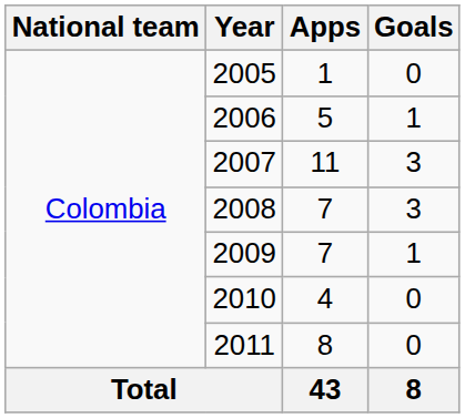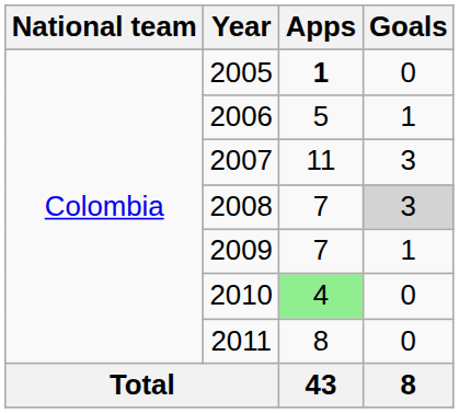 <table class="wikitable" style="text-align:center">
 <tr>
 <th>National team</th>
 <th>Year</th>
 <th>Apps</th>
 <th>Goals</th>
 </tr>
 <tr>
 <td rowspan="7"><a href='#'>Colombia</a></td>
 <td>2005</td>
-<td>1</td>
+<td><strong>1</strong></td>
 <td>0</td>
 </tr>
 <tr>
 <td>2006</td>
 <td>5</td>
 <td>1</td>
 </tr>
 <tr>
 <td>2007</td>
 <td>11</td>
 <td>3</td>
 </tr>
 <tr>
 <td>2008</td>
 <td>7</td>
-<td>3</td>
+<td style="background: lightgrey;">3</td>
 </tr>
 <tr>
 <td>2009</td>
 <td>7</td>
 <td>1</td>
 </tr>
 <tr>
 <td>2010</td>
-<td>4</td>
+<td style="background: lightgreen;">4</td>
 <td>0</td>
 </tr>
 <tr>
 <td>2011</td>
 <td>8</td>
 <td>0</td>
 </tr>
 <tr>
 <th colspan="2">Total</th>
 <th>43</th>
 <th>8</th>
 </tr>
 </table>
